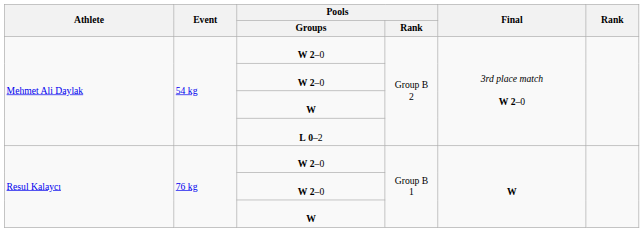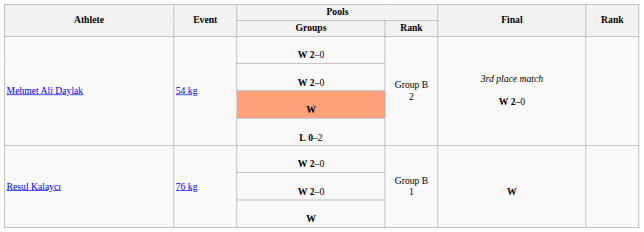 <table class="wikitable" width="75%" style="text-align:left; font-size:90%">
 <tr>
 <th rowspan="2" width="16%">Athlete</th>
 <th rowspan="2" width="6%">Event</th>
 <th colspan="2">Pools</th>
 <th rowspan="2" width="14%">Final</th>
 <th rowspan="2" width="5%">Rank</th>
 </tr>
 <tr>
 <th width="14%">Groups</th>
 <th width="5%">Rank</th>
 </tr>
 <tr>
 <td rowspan="4"><a href='#'>Mehmet Ali Daylak</a></td>
 <td rowspan="4"><a href='#'>54 kg</a></td>
 <td align=center><br><strong>W</strong> <strong>2</strong>–0</td>
 <td rowspan="4" align=center>Group B<br>2 <strong></strong></td>
 <td align=center rowspan="4"><em>3rd place match</em><br><br><strong>W</strong> <strong>2</strong>–0</td>
 <td rowspan="4" align="center"></td>
 </tr>
 <tr>
 <td align=center><br><strong>W</strong> <strong>2</strong>–0</td>
 </tr>
 <tr>
-<td align=center><br><strong>W</strong> </td>
+<td align=center style="background: lightsalmon;"><br><strong>W</strong> </td>
 </tr>
 <tr>
 <td align=center><br><strong>L</strong> <strong>0</strong>–2</td>
 </tr>
 <tr>
 <td rowspan="3"><a href='#'>Resul Kalaycı</a></td>
 <td rowspan="3"><a href='#'>76 kg</a></td>
 <td align=center><br><strong>W</strong> <strong>2</strong>–0</td>
 <td rowspan="3" align=center>Group B<br>1 <strong></strong></td>
 <td align=center rowspan="3"><br><strong>W</strong> </td>
 <td rowspan="3" align="center"></td>
 </tr>
 <tr>
 <td align=center><br><strong>W</strong> <strong>2</strong>–0</td>
 </tr>
 <tr>
 <td align=center><br><strong>W</strong> </td>
 </tr>
 </table>
